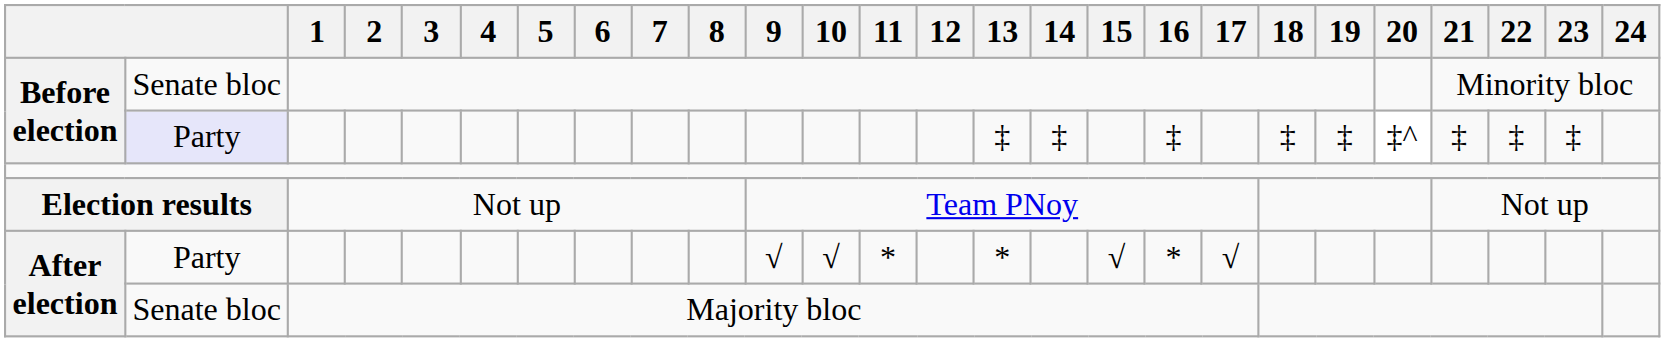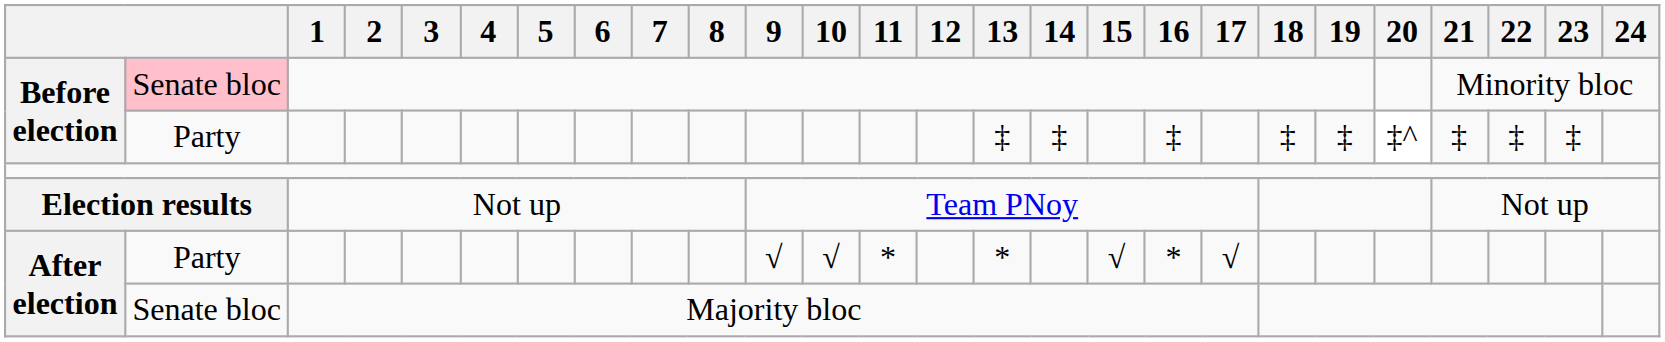 <table class="wikitable" style="text-align:center; font-size:95%">
 <tr>
 <th colspan=2></th>
 <th width=20px>1</th>
 <th width=20px>2</th>
 <th width=20px>3</th>
 <th width=20px>4</th>
 <th width=20px>5</th>
 <th width=20px>6</th>
 <th width=20px>7</th>
 <th width=20px>8</th>
 <th width=20px>9</th>
 <th width=20px>10</th>
 <th width=20px>11</th>
 <th width=20px>12</th>
 <th width=20px>13</th>
 <th width=20px>14</th>
 <th width=20px>15</th>
 <th width=20px>16</th>
 <th width=20px>17</th>
 <th width=20px>18</th>
 <th width=20px>19</th>
 <th width=20px>20</th>
 <th width=20px>21</th>
 <th width=20px>22</th>
 <th width=20px>23</th>
 <th width=20px>24</th>
 </tr>
 <tr>
 <th rowspan=2>Before<br>election</th>
-<td>Senate bloc</td>
+<td style="background: pink;">Senate bloc</td>
 <td colspan=19 bgcolor=></td>
 <td></td>
 <td colspan=4 bgcolor=>Minority bloc</td>
 </tr>
 <tr>
-<td style="background: lavender;">Party</td>
+<td>Party</td>
 <td bgcolor=></td>
 <td bgcolor=></td>
 <td bgcolor=></td>
 <td bgcolor=></td>
 <td bgcolor=></td>
 <td bgcolor=></td>
 <td bgcolor=></td>
 <td bgcolor=></td>
 <td bgcolor=></td>
 <td bgcolor=></td>
 <td bgcolor=></td>
 <td bgcolor=></td>
 <td bgcolor=>‡</td>
 <td bgcolor=>‡</td>
 <td bgcolor=></td>
 <td bgcolor=>‡</td>
 <td bgcolor=></td>
 <td bgcolor=>‡</td>
 <td bgcolor=>‡</td>
 <td bgcolor=white>‡^</td>
 <td bgcolor=>‡</td>
 <td bgcolor=>‡</td>
 <td bgcolor=>‡</td>
 <td bgcolor=></td>
 </tr>
 <tr>
 <td colspan="26"></td>
 </tr>
 <tr>
 <th colspan="2">Election results</th>
 <td colspan="8">Not up</td>
 <td colspan="9"><a href='#'>Team PNoy</a></td>
 <td colspan="3"><a href='#'></a></td>
 <td colspan="4">Not up</td>
 </tr>
 <tr>
 <th rowspan="2">After<br>election</th>
 <td>Party</td>
 <td></td>
 <td></td>
 <td></td>
 <td></td>
 <td></td>
 <td></td>
 <td></td>
 <td> </td>
 <td>√</td>
 <td>√</td>
 <td>*</td>
 <td></td>
 <td>*</td>
 <td></td>
 <td>√</td>
 <td>*</td>
 <td>√</td>
 <td></td>
 <td></td>
 <td></td>
 <td></td>
 <td></td>
 <td></td>
 <td></td>
 </tr>
 <tr>
 <td>Senate bloc</td>
 <td colspan="17">Majority bloc</td>
 <td colspan="6"></td>
 </tr>
 </table>
